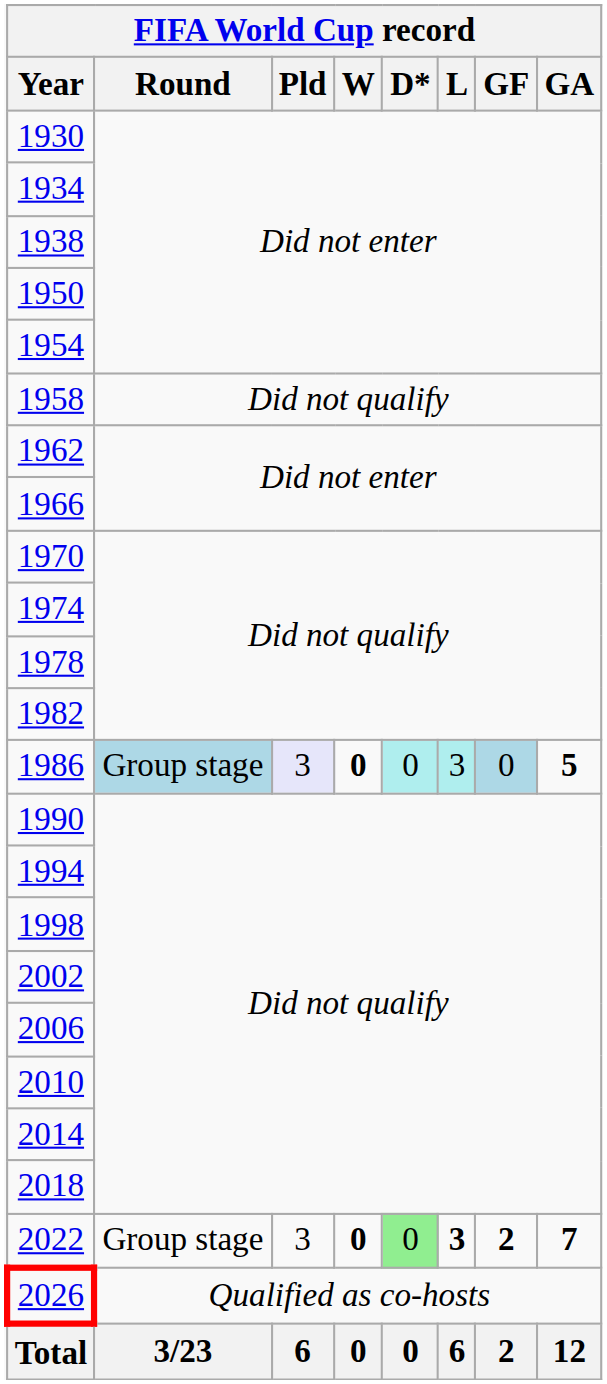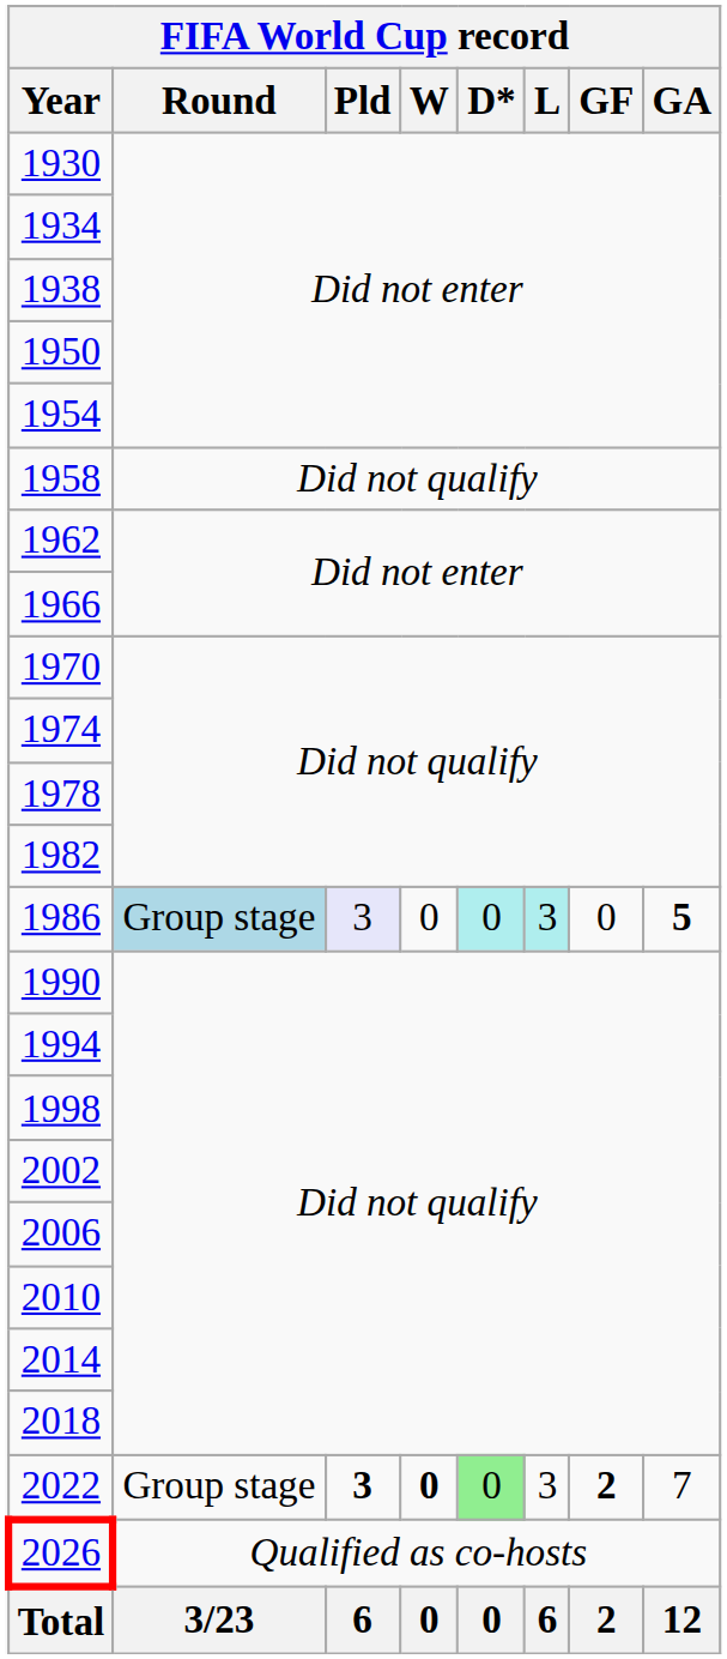 <table class="wikitable" style="text-align: center;">
 <tr>
 <th colspan="9"><a href='#'>FIFA World Cup</a> record</th>
 </tr>
 <tr>
 <th>Year</th>
 <th>Round</th>
 <th>Pld</th>
 <th>W</th>
 <th>D*</th>
 <th>L</th>
 <th>GF</th>
 <th>GA</th>
 </tr>
 <tr>
 <td> <a href='#'>1930</a></td>
 <td rowspan="5" colspan="8"><em>Did not enter</em></td>
 </tr>
 <tr>
 <td> <a href='#'>1934</a></td>
 </tr>
 <tr>
 <td> <a href='#'>1938</a></td>
 </tr>
 <tr>
 <td> <a href='#'>1950</a></td>
 </tr>
 <tr>
 <td> <a href='#'>1954</a></td>
 </tr>
 <tr>
 <td> <a href='#'>1958</a></td>
 <td colspan="8"><em>Did not qualify</em></td>
 </tr>
 <tr>
 <td> <a href='#'>1962</a></td>
 <td rowspan="2" colspan="8"><em>Did not enter</em></td>
 </tr>
 <tr>
 <td> <a href='#'>1966</a></td>
 </tr>
 <tr>
 <td> <a href='#'>1970</a></td>
 <td rowspan="4" colspan="8"><em>Did not qualify</em></td>
 </tr>
 <tr>
 <td> <a href='#'>1974</a></td>
 </tr>
 <tr>
 <td> <a href='#'>1978</a></td>
 </tr>
 <tr>
 <td> <a href='#'>1982</a></td>
 </tr>
 <tr>
 <td> <a href='#'>1986</a></td>
 <td style="background: lightblue;">Group stage</td>
 <td style="background: lavender;">3</td>
-<td><strong>0</strong></td>
+<td>0</td>
 <td style="background: paleturquoise;">0</td>
 <td style="background: paleturquoise;">3</td>
-<td style="background: lightblue;">0</td>
+<td>0</td>
 <td><strong>5</strong></td>
 </tr>
 <tr>
 <td> <a href='#'>1990</a></td>
 <td rowspan="8" colspan="8"><em>Did not qualify</em></td>
 </tr>
 <tr>
 <td> <a href='#'>1994</a></td>
 </tr>
 <tr>
 <td> <a href='#'>1998</a></td>
 </tr>
 <tr>
 <td>  <a href='#'>2002</a></td>
 </tr>
 <tr>
 <td> <a href='#'>2006</a></td>
 </tr>
 <tr>
 <td> <a href='#'>2010</a></td>
 </tr>
 <tr>
 <td> <a href='#'>2014</a></td>
 </tr>
 <tr>
 <td> <a href='#'>2018</a></td>
 </tr>
 <tr>
 <td> <a href='#'>2022</a></td>
 <td>Group stage</td>
-<td>3</td>
+<td><strong>3</strong></td>
 <td><strong>0</strong></td>
 <td style="background: lightgreen;">0</td>
-<td><strong>3</strong></td>
+<td>3</td>
 <td><strong>2</strong></td>
-<td><strong>7</strong></td>
+<td>7</td>
 </tr>
 <tr>
 <td style="border: 3px solid red">   <a href='#'>2026</a></td>
 <td colspan="8"><em>Qualified as co-hosts</em></td>
 </tr>
 <tr>
 <th>Total</th>
 <th>3/23</th>
 <th>6</th>
 <th>0</th>
 <th>0</th>
 <th>6</th>
 <th>2</th>
 <th>12</th>
 </tr>
 </table>
